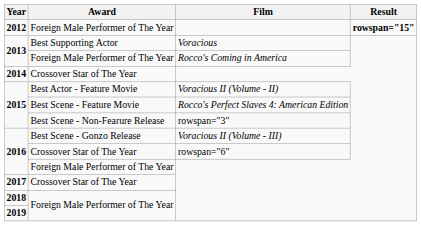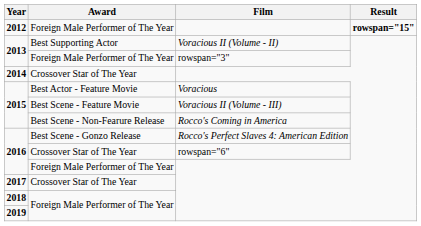 <table Class="wikitable">
 <tr>
 <th>Year</th>
 <th>Award</th>
 <th>Film</th>
 <th>Result</th>
 </tr>
 <tr>
 <td><strong>2012</strong></td>
 <td>Foreign Male Performer of The Year</td>
 <td></td>
 <td><strong>rowspan="15" </strong></td>
 </tr>
 <tr>
 <td rowspan="2"><strong>2013</strong></td>
 <td>Best Supporting Actor</td>
-<td><em>Voracious</em></td>
+<td><em>Voracious II (Volume - II)</em></td>
 </tr>
 <tr>
 <td rowspan="2">Foreign Male Performer of The Year</td>
-<td><em>Rocco's Coming in America</em></td>
+<td>rowspan="3" </td>
 </tr>
 <tr>
 <td rowspan="2"><strong>2014</strong></td>
 </tr>
 <tr>
 <td>Crossover Star of The Year</td>
 </tr>
 <tr>
 <td rowspan="3"><strong>2015</strong></td>
 <td>Best Actor - Feature Movie</td>
-<td><em>Voracious II (Volume - II)</em></td>
+<td><em>Voracious</em></td>
 </tr>
 <tr>
 <td>Best Scene - Feature Movie</td>
-<td><em>Rocco's Perfect Slaves 4: American Edition</em></td>
+<td><em>Voracious II (Volume - III)</em></td>
 </tr>
 <tr>
 <td>Best Scene - Non-Fearure Release</td>
-<td>rowspan="3" </td>
+<td><em>Rocco's Coming in America</em></td>
 </tr>
 <tr>
 <td rowspan="3"><strong>2016</strong></td>
 <td>Best Scene - Gonzo Release</td>
-<td><em>Voracious II (Volume - III)</em></td>
+<td><em>Rocco's Perfect Slaves 4: American Edition</em></td>
 </tr>
 <tr>
 <td>Crossover Star of The Year</td>
 <td>rowspan="6" </td>
 </tr>
 <tr>
 <td>Foreign Male Performer of The Year</td>
 </tr>
 <tr>
 <td rowspan="2"><strong>2017</strong></td>
 <td>Crossover Star of The Year</td>
 </tr>
 <tr>
 <td rowspan="4">Foreign Male Performer of The Year</td>
 </tr>
 <tr>
 <td><strong>2018</strong></td>
 </tr>
 <tr>
 <td><strong>2019</strong></td>
 </tr>
 </table>
